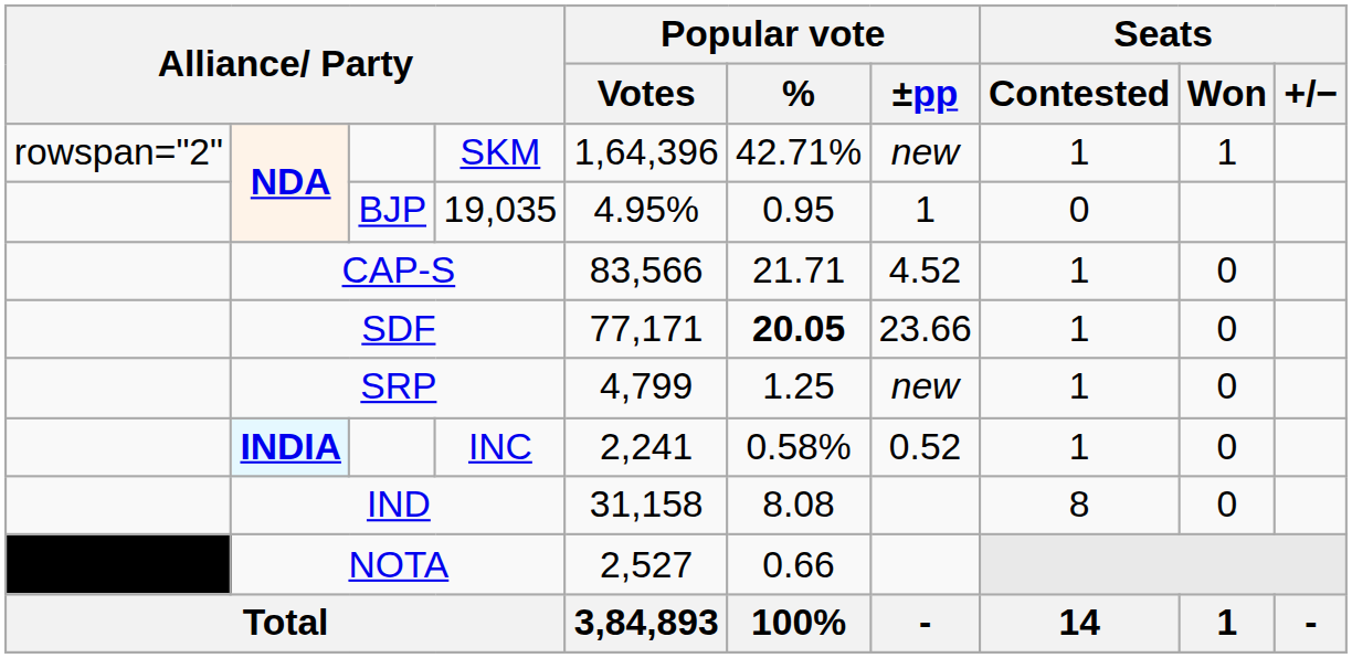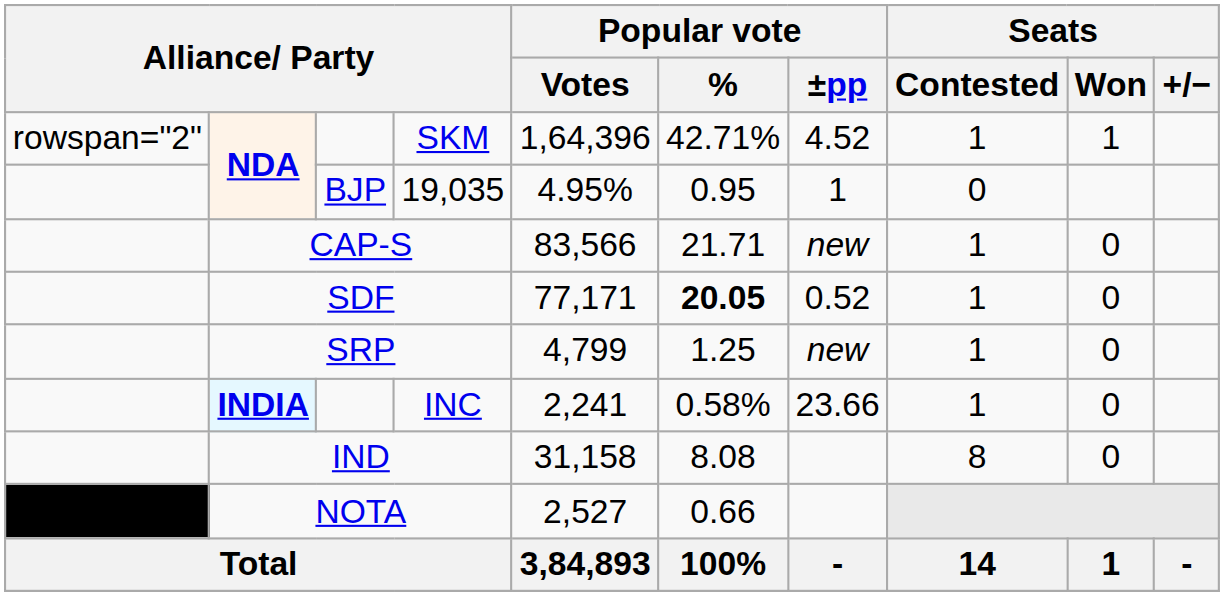 <table class="wikitable sortable" style="text-align:center;">
 <tr>
 <th colspan="4" rowspan="2">Alliance/ Party</th>
 <th colspan="3">Popular vote</th>
 <th colspan="3">Seats</th>
 </tr>
 <tr>
 <th>Votes</th>
 <th>%</th>
 <th>±<a href='#'>pp</a></th>
 <th>Contested</th>
 <th>Won</th>
 <th><strong>+/−</strong></th>
 </tr>
 <tr>
 <td>rowspan="2"</td>
 <th rowspan="2"style="background:#FEF3E8"><a href='#'>NDA</a></th>
 <td></td>
 <td><a href='#'>SKM</a></td>
 <td>1,64,396</td>
 <td>42.71%</td>
-<td><em>new</em></td>
+<td>4.52</td>
 <td>1</td>
 <td>1</td>
 <td></td>
 </tr>
 <tr>
 <td></td>
 <td><a href='#'>BJP</a></td>
 <td>19,035</td>
 <td>4.95%</td>
 <td>0.95</td>
 <td>1</td>
 <td>0</td>
 <td></td>
 </tr>
 <tr>
 <td></td>
 <td colspan="3"><a href='#'>CAP-S</a></td>
 <td>83,566</td>
 <td>21.71</td>
-<td>4.52</td>
+<td><em>new</em></td>
 <td>1</td>
 <td>0</td>
 <td></td>
 </tr>
 <tr>
 <td></td>
 <td colspan="3"><a href='#'>SDF</a></td>
 <td>77,171</td>
 <td><strong>20.05</strong></td>
-<td> 23.66</td>
+<td>0.52</td>
 <td>1</td>
 <td>0</td>
 <td></td>
 </tr>
 <tr>
 <td></td>
 <td colspan="3"><a href='#'>SRP</a></td>
 <td>4,799</td>
 <td>1.25</td>
 <td><em>new</em></td>
 <td>1</td>
 <td>0</td>
 <td></td>
 </tr>
 <tr>
 <td></td>
 <th style="background:#E5F8FF"><a href='#'>INDIA</a></th>
 <td></td>
 <td><a href='#'>INC</a></td>
 <td>2,241</td>
 <td>0.58%</td>
-<td>0.52</td>
+<td> 23.66</td>
 <td>1</td>
 <td>0</td>
 <td></td>
 </tr>
 <tr>
 <td></td>
 <td colspan="3"><a href='#'>IND</a></td>
 <td>31,158</td>
 <td>8.08</td>
 <td></td>
 <td>8</td>
 <td>0</td>
 <td></td>
 </tr>
 <tr>
 <td bgcolor="Black"></td>
 <td colspan="3"><a href='#'>NOTA</a></td>
 <td>2,527</td>
 <td>0.66</td>
 <td></td>
 <th colspan="3" style="background-color:#E9E9E9"></th>
 </tr>
 <tr>
 <th colspan="4">Total</th>
 <th>3,84,893</th>
 <th>100%</th>
 <th>-</th>
 <th>14</th>
 <th>1</th>
 <th>-</th>
 </tr>
 <tr>
 </tr>
 </table>
